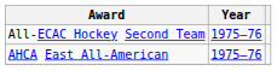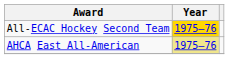 <table class="wikitable">
 <tr>
 <th>Award</th>
 <th>Year</th>
 <th></th>
 </tr>
 <tr>
 <td>All-<a href='#'>ECAC Hockey</a> <a href='#'>Second Team</a></td>
-<td><a href='#'>1975–76</a></td>
+<td style="background: gold;"><a href='#'>1975–76</a></td>
 <td></td>
 </tr>
 <tr>
 <td><a href='#'>AHCA</a> <a href='#'>East All-American</a></td>
-<td><a href='#'>1975–76</a></td>
+<td style="background: khaki;"><a href='#'>1975–76</a></td>
 <td></td>
 </tr>
 <tr>
 </tr>
 </table>
